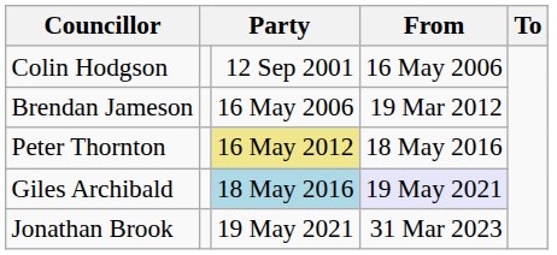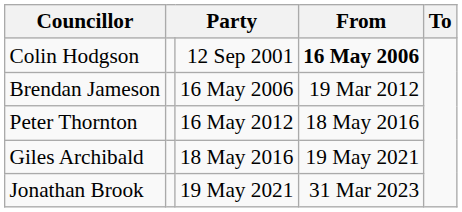 <table class=wikitable>
 <tr>
 <th>Councillor</th>
 <th colspan=2>Party</th>
 <th>From</th>
 <th>To</th>
 </tr>
 <tr>
 <td>Colin Hodgson</td>
 <td></td>
 <td align=right>12 Sep 2001</td>
-<td align=right>16 May 2006</td>
+<td align=right><strong>16 May 2006</strong></td>
 </tr>
 <tr>
 <td>Brendan Jameson</td>
 <td></td>
 <td align=right>16 May 2006</td>
 <td align=right>19 Mar 2012</td>
 </tr>
 <tr>
 <td>Peter Thornton</td>
 <td></td>
-<td align=right style="background: khaki;">16 May 2012</td>
+<td align=right>16 May 2012</td>
 <td align=right>18 May 2016</td>
 </tr>
 <tr>
 <td>Giles Archibald</td>
 <td></td>
-<td align=right style="background: lightblue;">18 May 2016</td>
-<td align=right style="background: lavender;">19 May 2021</td>
+<td align=right>18 May 2016</td>
+<td align=right>19 May 2021</td>
 </tr>
 <tr>
 <td>Jonathan Brook</td>
 <td></td>
 <td align=right>19 May 2021</td>
 <td align=right>31 Mar 2023</td>
 </tr>
 </table>
